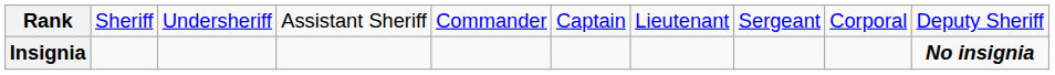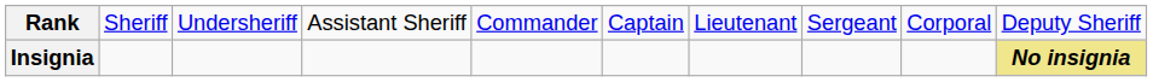 <table class="wikitable">
 <tr style="text-align:center;">
 <th>Rank</th>
 <td><a href='#'>Sheriff</a></td>
 <td><a href='#'>Undersheriff</a></td>
 <td>Assistant Sheriff</td>
 <td><a href='#'>Commander</a></td>
 <td><a href='#'>Captain</a></td>
 <td><a href='#'>Lieutenant</a></td>
 <td><a href='#'>Sergeant</a></td>
 <td><a href='#'>Corporal</a></td>
 <td><a href='#'>Deputy Sheriff</a></td>
 </tr>
 <tr style="text-align:center;">
 <th>Insignia</th>
 <td></td>
 <td></td>
 <td></td>
 <td></td>
 <td></td>
 <td></td>
 <td></td>
 <td></td>
-<td><strong><em>No insignia</em></strong></td>
+<td style="background: khaki;"><strong><em>No insignia</em></strong></td>
 </tr>
 </table>
